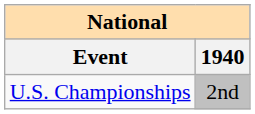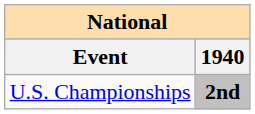 <table class="wikitable" style="text-align:center">
 <tr>
 <th style="background-color: #ffdead; " colspan=2 align=center>National</th>
 </tr>
 <tr>
 <th>Event</th>
 <th>1940</th>
 </tr>
 <tr>
 <td align=left><a href='#'>U.S. Championships</a></td>
-<td bgcolor=silver>2nd</td>
+<td bgcolor=silver><strong>2nd</strong></td>
 </tr>
 </table>
